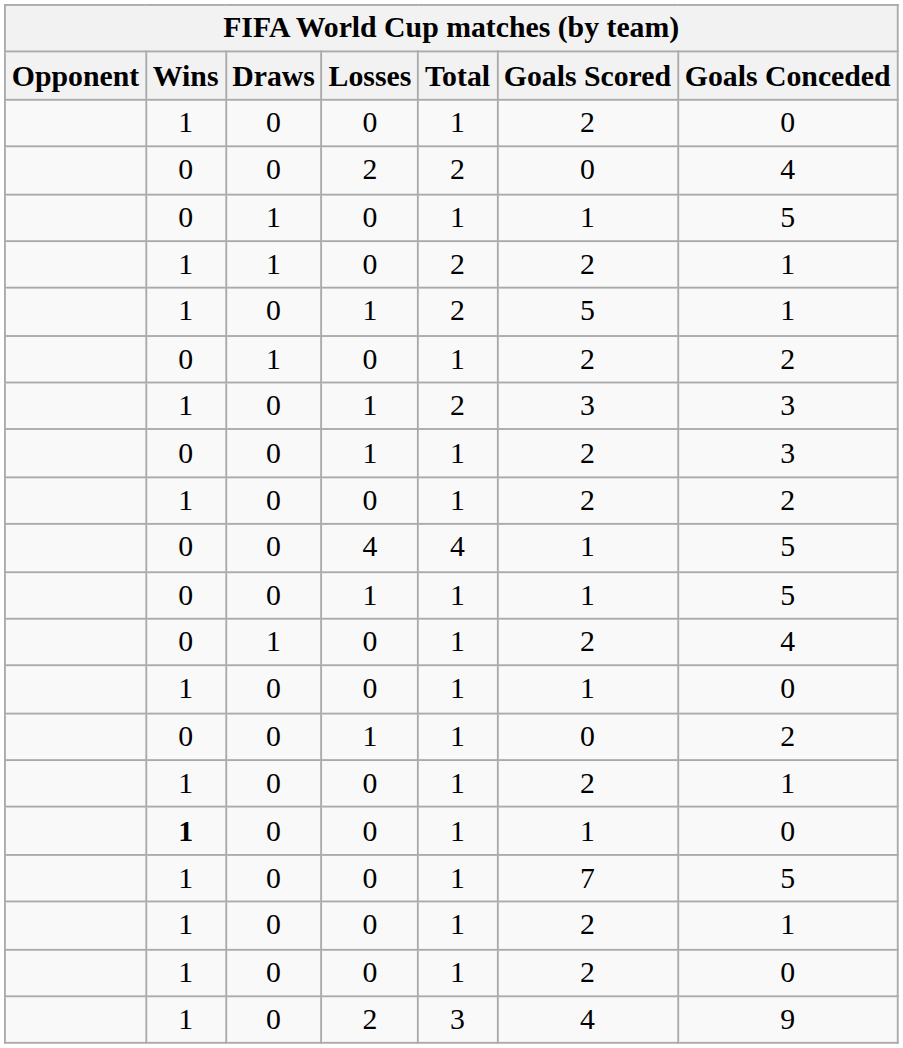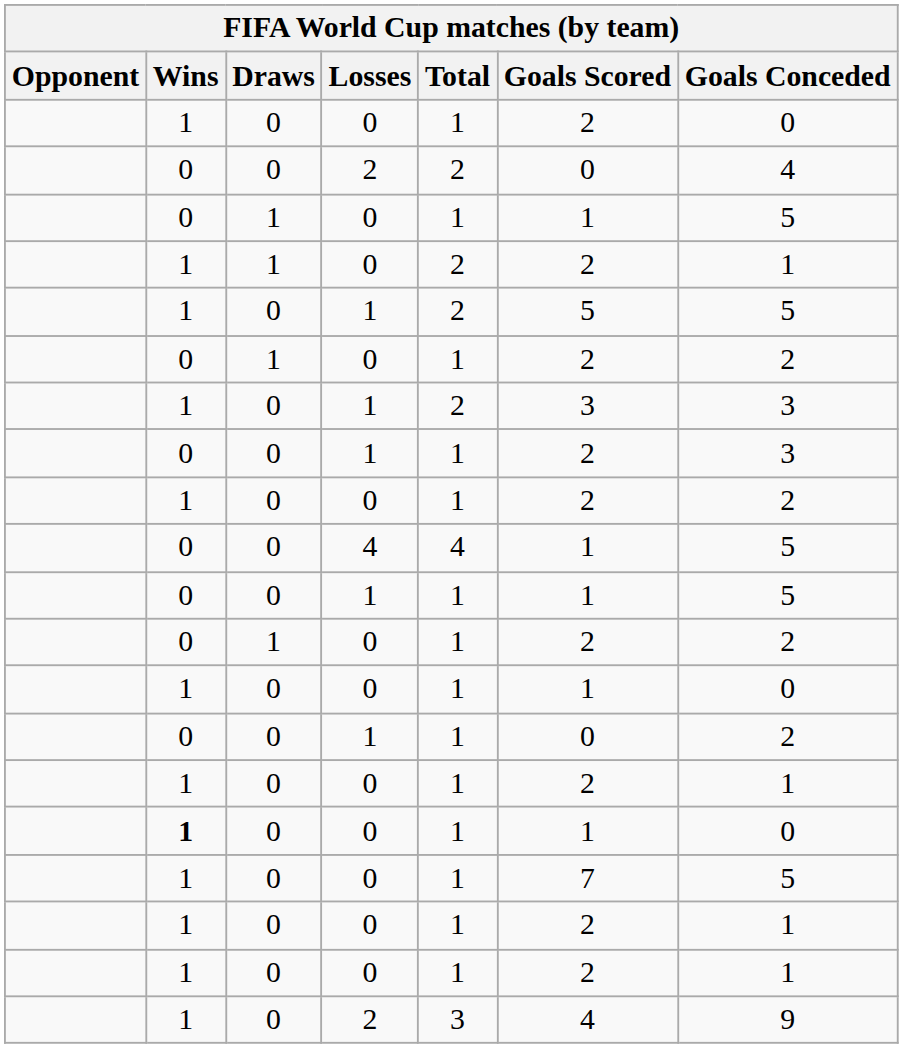 <table class="wikitable sortable" style="text-align: center;">
 <tr>
 <th colspan=7>FIFA World Cup matches (by team)</th>
 </tr>
 <tr>
 <th>Opponent</th>
 <th>Wins</th>
 <th>Draws</th>
 <th>Losses</th>
 <th>Total</th>
 <th>Goals Scored</th>
 <th>Goals Conceded</th>
 </tr>
 <tr>
 <td align="left"></td>
 <td>1</td>
 <td>0</td>
 <td>0</td>
 <td>1</td>
 <td>2</td>
 <td>0</td>
 </tr>
 <tr>
 <td align="left"></td>
 <td>0</td>
 <td>0</td>
 <td>2</td>
 <td>2</td>
 <td>0</td>
 <td>4</td>
 </tr>
 <tr>
 <td align="left"></td>
 <td>0</td>
 <td>1</td>
 <td>0</td>
 <td>1</td>
 <td>1</td>
 <td>5</td>
 </tr>
 <tr>
 <td align="left"></td>
 <td>1</td>
 <td>1</td>
 <td>0</td>
 <td>2</td>
 <td>2</td>
 <td>1</td>
 </tr>
 <tr>
 <td align="left"></td>
 <td>1</td>
 <td>0</td>
 <td>1</td>
 <td>2</td>
 <td>5</td>
-<td>1</td>
+<td>5</td>
 </tr>
 <tr>
 <td align="left"></td>
 <td>0</td>
 <td>1</td>
 <td>0</td>
 <td>1</td>
 <td>2</td>
 <td>2</td>
 </tr>
 <tr>
 <td align="left"></td>
 <td>1</td>
 <td>0</td>
 <td>1</td>
 <td>2</td>
 <td>3</td>
 <td>3</td>
 </tr>
 <tr>
 <td align="left"></td>
 <td>0</td>
 <td>0</td>
 <td>1</td>
 <td>1</td>
 <td>2</td>
 <td>3</td>
 </tr>
 <tr>
 <td align="left"></td>
 <td>1</td>
 <td>0</td>
 <td>0</td>
 <td>1</td>
 <td>2</td>
 <td>2</td>
 </tr>
 <tr>
 <td align="left"></td>
 <td>0</td>
 <td>0</td>
 <td>4</td>
 <td>4</td>
 <td>1</td>
 <td>5</td>
 </tr>
 <tr>
 <td align="left"></td>
 <td>0</td>
 <td>0</td>
 <td>1</td>
 <td>1</td>
 <td>1</td>
 <td>5</td>
 </tr>
 <tr>
 <td align="left"></td>
 <td>0</td>
 <td>1</td>
 <td>0</td>
 <td>1</td>
 <td>2</td>
-<td>4</td>
+<td>2</td>
 </tr>
 <tr>
 <td align="left"></td>
 <td>1</td>
 <td>0</td>
 <td>0</td>
 <td>1</td>
 <td>1</td>
 <td>0</td>
 </tr>
 <tr>
 <td align="left"></td>
 <td>0</td>
 <td>0</td>
 <td>1</td>
 <td>1</td>
 <td>0</td>
 <td>2</td>
 </tr>
 <tr>
 <td align="left"></td>
 <td>1</td>
 <td>0</td>
 <td>0</td>
 <td>1</td>
 <td>2</td>
 <td>1</td>
 </tr>
 <tr>
 <td align="left"></td>
 <td><strong>1</strong></td>
 <td>0</td>
 <td>0</td>
 <td>1</td>
 <td>1</td>
 <td>0</td>
 </tr>
 <tr>
 <td align="left"></td>
 <td>1</td>
 <td>0</td>
 <td>0</td>
 <td>1</td>
 <td>7</td>
 <td>5</td>
 </tr>
 <tr>
 <td align="left"></td>
 <td>1</td>
 <td>0</td>
 <td>0</td>
 <td>1</td>
 <td>2</td>
 <td>1</td>
 </tr>
 <tr>
 <td align="left"></td>
 <td>1</td>
 <td>0</td>
 <td>0</td>
 <td>1</td>
 <td>2</td>
-<td>0</td>
+<td>1</td>
 </tr>
 <tr>
 <td align="left"></td>
 <td>1</td>
 <td>0</td>
 <td>2</td>
 <td>3</td>
 <td>4</td>
 <td>9</td>
 </tr>
 </table>
